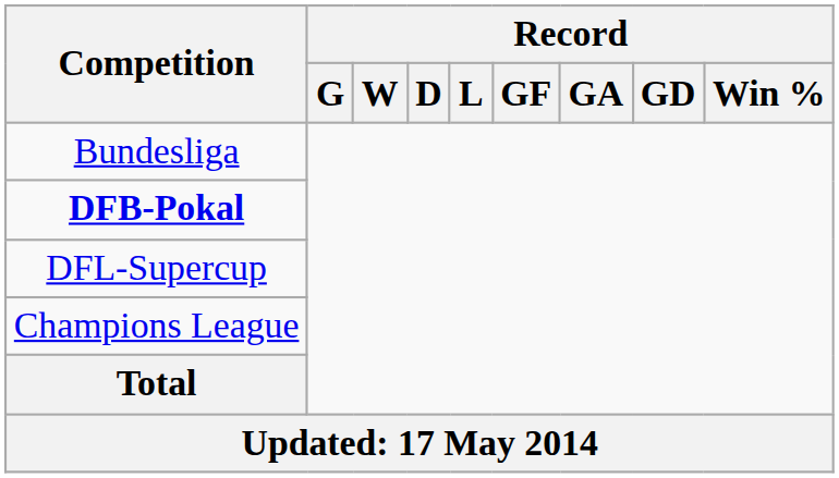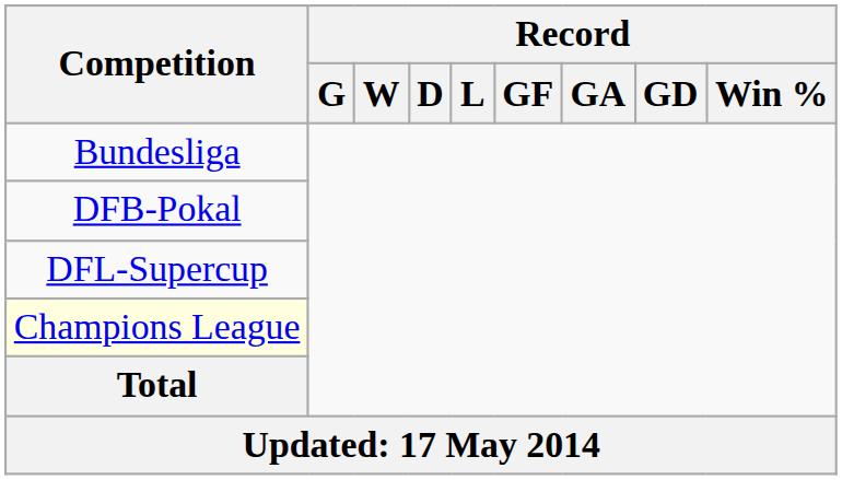 <table class="wikitable">
 <tr>
 <th rowspan=2>Competition</th>
 <th colspan=8>Record</th>
 </tr>
 <tr>
 <th>G</th>
 <th>W</th>
 <th>D</th>
 <th>L</th>
 <th>GF</th>
 <th>GA</th>
 <th>GD</th>
 <th>Win %</th>
 </tr>
 <tr>
 <td align=center><a href='#'>Bundesliga</a><br></td>
 </tr>
 <tr>
-<td align=center><strong><a href='#'>DFB-Pokal</a><br></strong></td>
+<td align=center><a href='#'>DFB-Pokal</a><br></td>
 </tr>
 <tr>
 <td align=center><a href='#'>DFL-Supercup</a><br></td>
 </tr>
 <tr>
-<td align=center><a href='#'>Champions League</a><br></td>
+<td align=center style="background: lightyellow;"><a href='#'>Champions League</a><br></td>
 </tr>
 <tr>
 <th>Total<br></th>
 </tr>
 <tr>
 <th colspan=13>Updated: 17 May 2014</th>
 </tr>
 </table>
